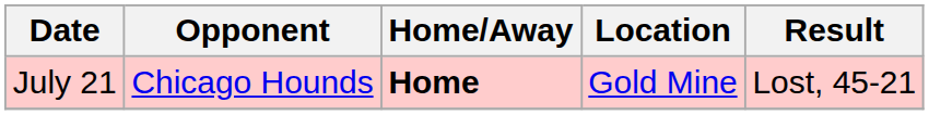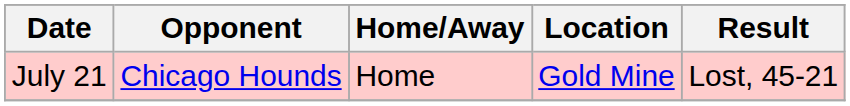 <table class="wikitable">
 <tr>
 <th>Date</th>
 <th>Opponent</th>
 <th>Home/Away</th>
 <th>Location</th>
 <th>Result</th>
 </tr>
 <tr bgcolor="FFCCCC">
 <td>July 21</td>
 <td><a href='#'>Chicago Hounds</a></td>
-<td><strong>Home</strong></td>
+<td>Home</td>
 <td><a href='#'>Gold Mine</a></td>
 <td>Lost, 45-21</td>
 </tr>
 <tr>
 </tr>
 </table>
